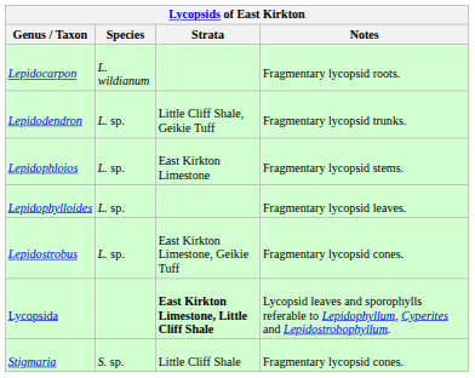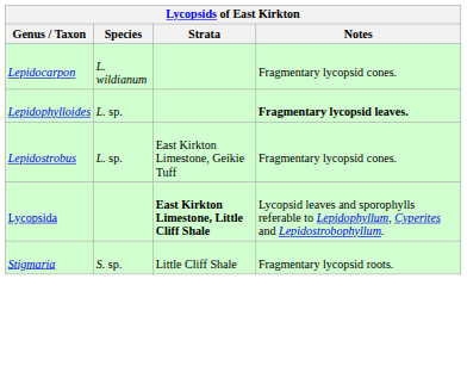 <table class="wikitable" align="center">
 <tr>
 <th colspan="4" align="center"><strong><a href='#'>Lycopsids</a> of East Kirkton</strong></th>
 </tr>
 <tr>
 <th>Genus / Taxon</th>
 <th>Species</th>
 <th>Strata</th>
 <th>Notes</th>
 </tr>
 <tr>
 <td style="background:#D1FFCF;"><br><em><a href='#'>Lepidocarpon</a></em></td>
 <td style="background:#D1FFCF;"><br><em>L. wildianum</em></td>
 <td style="background:#D1FFCF;"></td>
-<td style="background:#D1FFCF;"><br>Fragmentary lycopsid roots.</td>
-</tr>
-<tr>
-<td style="background:#D1FFCF;"><br><em><a href='#'>Lepidodendron</a></em></td>
-<td style="background:#D1FFCF;"><br><em>L.</em> sp.</td>
-<td style="background:#D1FFCF;"><br>Little Cliff Shale, Geikie Tuff</td>
-<td style="background:#D1FFCF;"><br>Fragmentary lycopsid trunks.</td>
-</tr>
-<tr>
-<td style="background:#D1FFCF;"><br><em><a href='#'>Lepidophloios</a></em></td>
-<td style="background:#D1FFCF;"><br><em>L.</em> sp.</td>
-<td style="background:#D1FFCF;"><br>East Kirkton Limestone</td>
-<td style="background:#D1FFCF;"><br>Fragmentary lycopsid stems.</td>
+<td style="background:#D1FFCF;"><br>Fragmentary lycopsid cones.</td>
 </tr>
 <tr>
 <td style="background:#D1FFCF;"><br><em><a href='#'>Lepidophylloides</a></em></td>
 <td style="background:#D1FFCF;"><br><em>L.</em> sp.</td>
 <td style="background:#D1FFCF;"></td>
-<td style="background:#D1FFCF;"><br>Fragmentary lycopsid leaves.</td>
+<td style="background:#D1FFCF;"><strong><br>Fragmentary lycopsid leaves.</strong></td>
 </tr>
 <tr>
 <td style="background:#D1FFCF;"><br><em><a href='#'>Lepidostrobus</a></em></td>
 <td style="background:#D1FFCF;"><br><em>L.</em> sp.</td>
 <td style="background:#D1FFCF;"><br>East Kirkton Limestone, Geikie Tuff</td>
 <td style="background:#D1FFCF;"><br>Fragmentary lycopsid cones.</td>
 </tr>
 <tr>
 <td style="background:#D1FFCF;"><br><a href='#'>Lycopsida</a></td>
 <td style="background:#D1FFCF;"></td>
 <td style="background:#D1FFCF;"><strong><br>East Kirkton Limestone, Little Cliff Shale</strong></td>
 <td style="background:#D1FFCF;"><br>Lycopsid leaves and sporophylls referable to <em><a href='#'>Lepidophyllum</a></em>, <em><a href='#'>Cyperites</a></em> and <em><a href='#'>Lepidostrobophyllum</a>.</em></td>
 </tr>
 <tr>
 <td style="background:#D1FFCF;"><br><em><a href='#'>Stigmaria</a></em></td>
 <td style="background:#D1FFCF;"><br><em>S.</em> sp.</td>
 <td style="background:#D1FFCF;"><br>Little Cliff Shale</td>
-<td style="background:#D1FFCF;"><br>Fragmentary lycopsid cones.</td>
+<td style="background:#D1FFCF;"><br>Fragmentary lycopsid roots.</td>
 </tr>
 </table>
